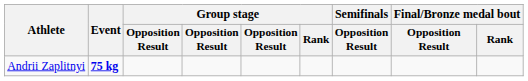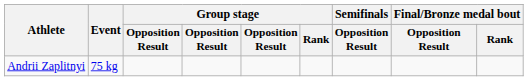 <table class="wikitable" style="text-align:center; font-size:90%">
 <tr>
 <th rowspan=2>Athlete</th>
 <th rowspan=2>Event</th>
 <th colspan=4>Group stage</th>
 <th>Semifinals</th>
 <th colspan=2>Final/Bronze medal bout</th>
 </tr>
 <tr style="font-size:95%">
 <th>Opposition<br>Result</th>
 <th>Opposition<br>Result</th>
 <th>Opposition<br>Result</th>
 <th>Rank</th>
 <th>Opposition<br>Result</th>
 <th>Opposition<br>Result</th>
 <th>Rank</th>
 </tr>
 <tr>
 <td align=left><a href='#'>Andrii Zaplitnyi</a></td>
-<td align=left><strong><a href='#'>75 kg</a></strong></td>
+<td align=left><a href='#'>75 kg</a></td>
 <td></td>
 <td></td>
 <td></td>
 <td></td>
 <td></td>
 <td></td>
 <td></td>
 </tr>
 </table>
